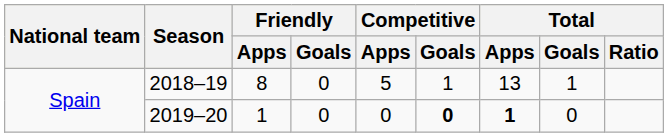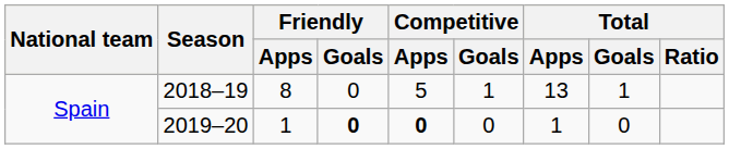 <table class="wikitable" style="text-align: center;">
 <tr style="background:beige">
 <th rowspan="2">National team</th>
 <th rowspan="2">Season</th>
 <th colspan="2">Friendly</th>
 <th colspan="2">Competitive</th>
 <th colspan="3">Total</th>
 </tr>
 <tr>
 <th>Apps</th>
 <th>Goals</th>
 <th>Apps</th>
 <th>Goals</th>
 <th>Apps</th>
 <th>Goals</th>
 <th>Ratio</th>
 </tr>
 <tr>
 <td rowspan=2><a href='#'>Spain</a></td>
 <td>2018–19</td>
 <td>8</td>
 <td>0</td>
 <td>5</td>
 <td>1</td>
 <td>13</td>
 <td>1</td>
 <td></td>
 </tr>
 <tr>
 <td>2019–20</td>
 <td>1</td>
+<td><strong>0</strong></td>
+<td><strong>0</strong></td>
 <td>0</td>
-<td>0</td>
-<td><strong>0</strong></td>
-<td><strong>1</strong></td>
+<td>1</td>
 <td>0</td>
 <td></td>
 </tr>
 </table>
